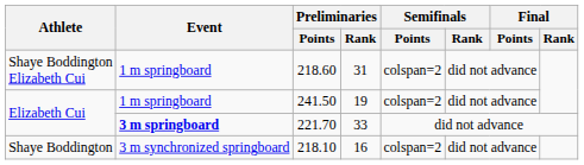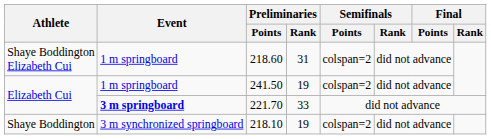 <table class=wikitable style="font-size:90%;">
 <tr>
 <th rowspan="2">Athlete</th>
 <th rowspan="2">Event</th>
 <th colspan="2">Preliminaries</th>
 <th colspan="2">Semifinals</th>
 <th colspan="2">Final</th>
 </tr>
 <tr style="font-size:95%">
 <th>Points</th>
 <th>Rank</th>
 <th>Points</th>
 <th>Rank</th>
 <th>Points</th>
 <th>Rank</th>
 </tr>
 <tr align=center>
 <td align=left>Shaye Boddington<br><a href='#'>Elizabeth Cui</a></td>
 <td align=left><a href='#'>1 m springboard</a></td>
 <td>218.60</td>
 <td>31</td>
 <td>colspan=2 </td>
 <td colspan=2>did not advance</td>
 </tr>
 <tr align=center>
 <td align=left rowspan=2><a href='#'>Elizabeth Cui</a></td>
 <td align=left><a href='#'>1 m springboard</a></td>
 <td>241.50</td>
 <td>19</td>
 <td>colspan=2 </td>
 <td colspan=2>did not advance</td>
 </tr>
 <tr align=center>
 <td align=left><strong><a href='#'>3 m springboard</a></strong></td>
 <td>221.70</td>
 <td>33</td>
 <td colspan=4>did not advance</td>
 </tr>
 <tr align=center>
 <td align=left>Shaye Boddington</td>
 <td align=left><a href='#'>3 m synchronized springboard</a></td>
 <td>218.10</td>
-<td>16</td>
+<td>19</td>
 <td>colspan=2 </td>
 <td colspan=2>did not advance</td>
 </tr>
 </table>
